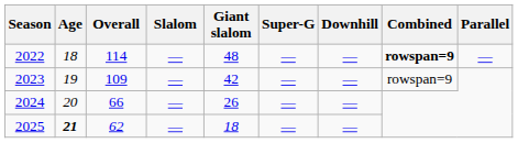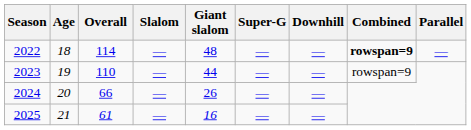 <table class="wikitable" style="text-align:center; font-size:100%;">
 <tr>
 <th>Season</th>
 <th>Age</th>
 <th> Overall </th>
 <th> Slalom </th>
 <th>Giant<br> slalom </th>
 <th>Super-G</th>
 <th>Downhill</th>
 <th>Combined</th>
 <th>Parallel</th>
 </tr>
 <tr>
 <td><a href='#'>2022</a></td>
 <td><em>18</em></td>
 <td><a href='#'>114</a></td>
 <td><a href='#'>—</a></td>
 <td><a href='#'>48</a></td>
 <td><a href='#'>—</a></td>
 <td><a href='#'>—</a></td>
 <td><strong>rowspan=9</strong></td>
 <td><a href='#'>—</a></td>
 </tr>
 <tr>
 <td><a href='#'>2023</a></td>
 <td><em>19</em></td>
-<td><a href='#'>109</a></td>
+<td><a href='#'>110</a></td>
 <td><a href='#'>—</a></td>
-<td><a href='#'>42</a></td>
+<td><a href='#'>44</a></td>
 <td><a href='#'>—</a></td>
 <td><a href='#'>—</a></td>
 <td>rowspan=9</td>
 </tr>
 <tr>
 <td><a href='#'>2024</a></td>
 <td><em>20</em></td>
 <td><a href='#'>66</a></td>
 <td><a href='#'>—</a></td>
 <td><a href='#'>26</a></td>
 <td><a href='#'>—</a></td>
 <td><a href='#'>—</a></td>
 </tr>
 <tr>
 <td><a href='#'>2025</a></td>
-<td><strong><em>21</em></strong></td>
-<td><a href='#'><em>62</em></a></td>
+<td><em>21</em></td>
+<td><a href='#'><em>61</em></a></td>
 <td><a href='#'>—</a></td>
-<td><a href='#'><em>18</em></a></td>
+<td><a href='#'><em>16</em></a></td>
 <td><a href='#'>—</a></td>
 <td><a href='#'>—</a></td>
 </tr>
 </table>
